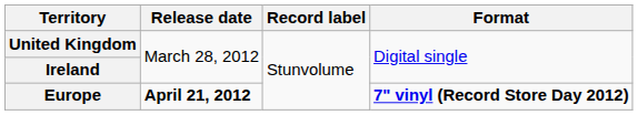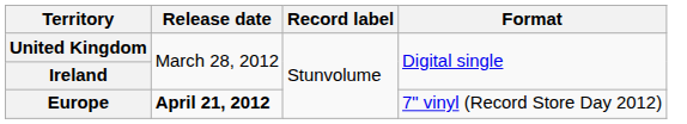 <table class="wikitable plainrowheaders">
 <tr>
 <th scope="col">Territory</th>
 <th scope="col">Release date</th>
 <th scope="col">Record label</th>
 <th scope="col">Format</th>
 </tr>
 <tr>
 <th scope="row">United Kingdom</th>
 <td rowspan="2">March 28, 2012</td>
 <td rowspan="3">Stunvolume</td>
 <td rowspan="2"><a href='#'>Digital single</a></td>
 </tr>
 <tr>
 <th scope="row">Ireland</th>
 </tr>
 <tr>
 <th scope="row">Europe</th>
 <td><strong>April 21, 2012</strong></td>
-<td><strong><a href='#'>7" vinyl</a> (Record Store Day 2012)</strong></td>
+<td><a href='#'>7" vinyl</a> (Record Store Day 2012)</td>
 </tr>
 </table>
